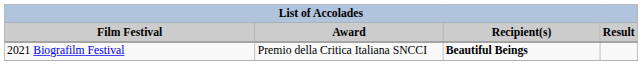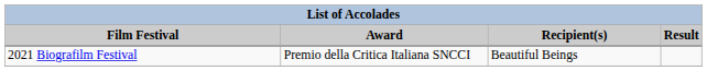 <table class="wikitable">
 <tr style="text-align:center;">
 <th colspan=4 style="background:#B0C4DE;">List of Accolades</th>
 </tr>
 <tr style="text-align:center;">
 <th style="background:#ccc;" width="40%">Film Festival</th>
 <th style="background:#ccc;" width="30%">Award</th>
 <th style="background:#ccc;" width="25%">Recipient(s)</th>
 <th style="background:#ccc;" width="15%">Result</th>
 </tr>
 <tr style="border-top:2px solid gray;">
 </tr>
 <tr>
 <td>2021 <a href='#'>Biografilm Festival</a></td>
 <td>Premio della Critica Italiana SNCCI</td>
-<td><strong>Beautiful Beings</strong></td>
+<td>Beautiful Beings</td>
 <td></td>
 </tr>
 <tr>
 </tr>
 </table>
